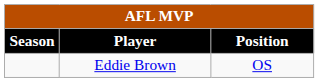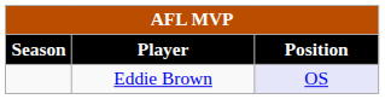 <table class="wikitable sortable" style="text-align:center">
 <tr>
 <td colspan="4" style="background:#BA4D00; color:white;"><strong>AFL MVP</strong></td>
 </tr>
 <tr>
 <th style="width:50px; background:black; color:white;">Season</th>
 <th style="width:150px; background:black; color:white;">Player</th>
 <th style="width:100px; background:black; color:white;">Position</th>
 </tr>
 <tr>
 <td></td>
 <td><a href='#'>Eddie Brown</a></td>
-<td><a href='#'>OS</a></td>
+<td style="background: lavender;"><a href='#'>OS</a></td>
 </tr>
 </table>
